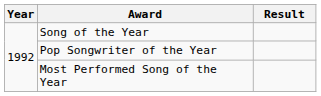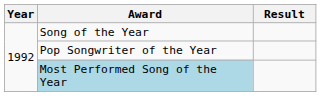 <table class="wikitable">
 <tr>
 <th>Year</th>
 <th width=242>Award</th>
 <th width=66>Result</th>
 </tr>
 <tr>
 <td rowspan=3>1992</td>
 <td>Song of the Year</td>
 <td></td>
 </tr>
 <tr>
 <td>Pop Songwriter of the Year</td>
 <td></td>
 </tr>
 <tr>
-<td>Most Performed Song of the Year</td>
+<td style="background: lightblue;">Most Performed Song of the Year</td>
 <td></td>
 </tr>
 </table>
